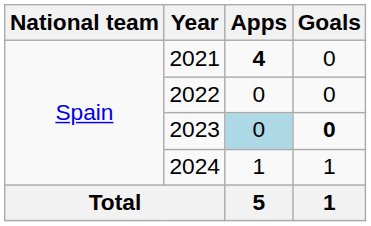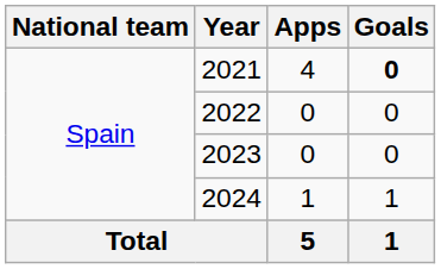 <table class="wikitable" style="text-align:center">
 <tr>
 <th>National team</th>
 <th>Year</th>
 <th>Apps</th>
 <th>Goals</th>
 </tr>
 <tr>
 <td rowspan="4"><a href='#'>Spain</a></td>
 <td>2021</td>
-<td><strong>4</strong></td>
-<td>0</td>
+<td>4</td>
+<td><strong>0</strong></td>
 </tr>
 <tr>
 <td>2022</td>
 <td>0</td>
 <td>0</td>
 </tr>
 <tr>
 <td>2023</td>
-<td style="background: lightblue;">0</td>
-<td><strong>0</strong></td>
+<td>0</td>
+<td>0</td>
 </tr>
 <tr>
 <td>2024</td>
 <td>1</td>
 <td>1</td>
 </tr>
 <tr>
 <th colspan="2">Total</th>
 <th>5</th>
 <th>1</th>
 </tr>
 </table>
